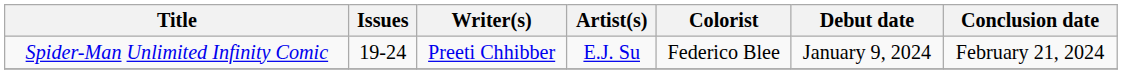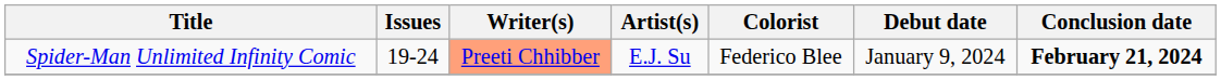 <table class="wikitable" style="text-align:center; width:100%">
 <tr>
 <th scope="col">Title</th>
 <th scope="col">Issues</th>
 <th scope="col">Writer(s)</th>
 <th scope="col">Artist(s)</th>
 <th scope="col">Colorist</th>
 <th scope="col">Debut date</th>
 <th scope="col">Conclusion date</th>
 </tr>
 <tr>
 <td><em><a href='#'>Spider-Man</a></em> <em><a href='#'>Unlimited Infinity Comic</a></em></td>
 <td>19-24</td>
-<td><a href='#'>Preeti Chhibber</a></td>
+<td style="background: lightsalmon;"><a href='#'>Preeti Chhibber</a></td>
 <td><a href='#'>E.J. Su</a></td>
 <td>Federico Blee</td>
 <td>January 9, 2024</td>
-<td>February 21, 2024</td>
+<td><strong>February 21, 2024</strong></td>
 </tr>
 <tr>
 </tr>
 </table>
